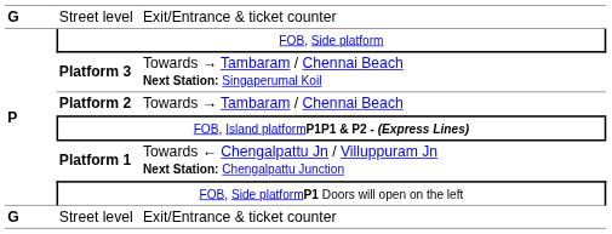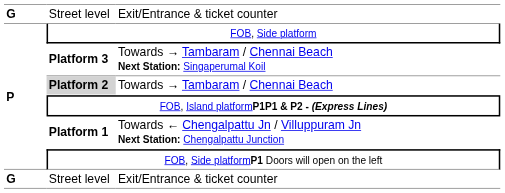 <table cellpadding="3" cellspacing="0" border="0">
 <tr>
 <td valign="top" width="30" style="border-top:solid 1px gray;border-bottom:solid 1px gray;"><strong>G</strong></td>
 <td valign="top" width="85" style="border-top:solid 1px gray;border-bottom:solid 1px gray;">Street level</td>
 <td valign="top" width="500" style="border-top:solid 1px gray;border-bottom:solid 1px gray;">Exit/Entrance & ticket counter</td>
 </tr>
 <tr>
 <td rowspan="6" style="border-bottom:solid 1px gray;" width="50" valign="center"><strong>P</strong></td>
 <td colspan="2" style="border-right:solid 2px black;border-left:solid 2px black;border-bottom:solid 2px black;text-align:center;"><a href='#'><small>FOB</small></a><small>, <a href='#'>Side platform</a></small></td>
 </tr>
 <tr>
 <td width="85" style="border-bottom:solid 1px gray;"><span><strong>Platform 3</strong></span></td>
 <td width="500" style="border-bottom:solid 1px gray;">Towards → <a href='#'>Tambaram</a> / <a href='#'>Chennai Beach</a><br><small><strong>Next Station:</strong> <a href='#'>Singaperumal Koil</a></small></td>
 </tr>
 <tr>
-<td width="85" style="border-bottom:solid 1px white;"><span><strong>Platform 2</strong></span></td>
+<td width="85" style="background: lightgrey; border-bottom:solid 1px white;"><span><strong>Platform 2</strong></span></td>
 <td width="500" style="border-bottom:solid 1px white;">Towards → <a href='#'>Tambaram</a> / <a href='#'>Chennai Beach</a></td>
 </tr>
 <tr>
 <td colspan="2" style="border-top:solid 2px black;border-right:solid 2px black;border-left:solid 2px black;border-bottom:solid 2px black;text-align:center;"><a href='#'><small>FOB</small></a><small>, <a href='#'>Island platform</a><strong>P1</strong><strong>P1 & P2 -</strong> <strong><em>(Express Lines)</em></strong></small></td>
 </tr>
 <tr>
 <td width="85" style="border-bottom:solid 1px white;"><span><strong>Platform 1</strong></span></td>
 <td style="border-bottom:solid 1px white;" width="500">Towards ← <a href='#'>Chengalpattu Jn</a> / <a href='#'>Villuppuram Jn</a><br><small><strong>Next Station:</strong> <a href='#'>Chengalpattu Junction</a></small></td>
 </tr>
 <tr>
 <td style="border-top:solid 2px black;border-right:solid 2px black;border-left:solid 2px black;border-bottom:solid 1px gray;" colspan=2  align=center><a href='#'><small>FOB</small></a><small>, <a href='#'>Side platform</a><strong>P1</strong> Doors will open on the left</small></td>
 </tr>
 <tr>
 <td style="border-bottom:solid 1px gray;" width="50" valign="top"><strong>G</strong></td>
 <td style="border-bottom:solid 1px gray;" width="50" valign="top">Street level</td>
 <td style="border-bottom:solid 1px gray;" width="50" valign="top">Exit/Entrance & ticket counter</td>
 </tr>
 <tr>
 </tr>
 </table>
